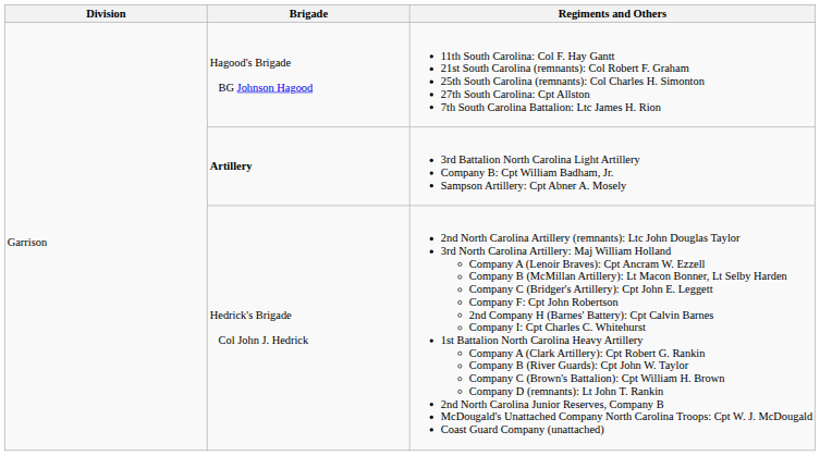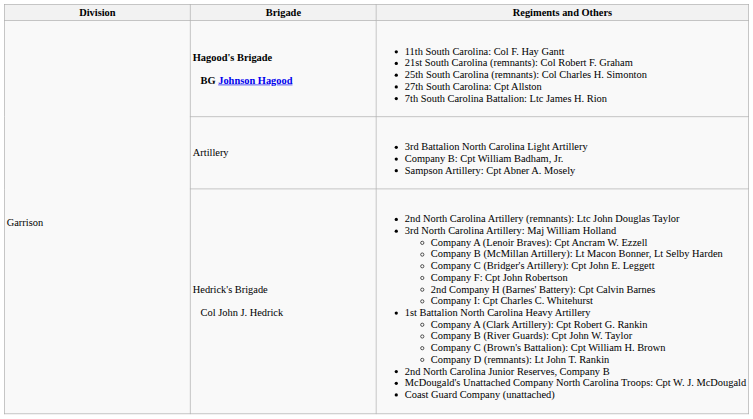 <table class="wikitable">
 <tr>
 <th width=25%>Division</th>
 <th width=25%>Brigade</th>
 <th>Regiments and Others</th>
 </tr>
 <tr>
 <td rowspan=3><br>Garrison</td>
-<td>Hagood's Brigade<br><br>   BG <a href='#'>Johnson Hagood</a></td>
+<td><strong>Hagood's Brigade<br><br>   BG <a href='#'>Johnson Hagood</a></strong></td>
 <td><br><ul><li>11th South Carolina: Col F. Hay Gantt</li><li>21st South Carolina (remnants): Col Robert F. Graham</li><li>25th South Carolina (remnants): Col Charles H. Simonton</li><li>27th South Carolina: Cpt Allston</li><li>7th South Carolina Battalion: Ltc James H. Rion</li></ul></td>
 </tr>
 <tr>
-<td><strong>Artillery</strong></td>
+<td>Artillery</td>
 <td><br><ul><li>3rd Battalion North Carolina Light Artillery</li><li>Company B: Cpt William Badham, Jr.</li><li>Sampson Artillery: Cpt Abner A. Mosely</li></ul></td>
 </tr>
 <tr>
 <td>Hedrick's Brigade<br><br>   Col John J. Hedrick</td>
 <td><br><ul><li>2nd North Carolina Artillery (remnants): Ltc John Douglas Taylor</li><li>3rd North Carolina Artillery: Maj William Holland<ul><li>Company A (Lenoir Braves): Cpt Ancram W. Ezzell</li><li>Company B (McMillan Artillery): Lt Macon Bonner, Lt Selby Harden</li><li>Company C (Bridger's Artillery): Cpt John E. Leggett</li><li>Company F: Cpt John Robertson</li><li>2nd Company H (Barnes' Battery): Cpt Calvin Barnes</li><li>Company I: Cpt Charles C. Whitehurst</li></ul></li><li>1st Battalion North Carolina Heavy Artillery<ul><li>Company A (Clark Artillery): Cpt Robert G. Rankin</li><li>Company B (River Guards): Cpt John W. Taylor</li><li>Company C (Brown's Battalion): Cpt William H. Brown</li><li>Company D (remnants): Lt John T. Rankin</li></ul></li><li>2nd North Carolina Junior Reserves, Company B</li><li>McDougald's Unattached Company North Carolina Troops: Cpt W. J. McDougald</li><li>Coast Guard Company (unattached)</li></ul></td>
 </tr>
 </table>
